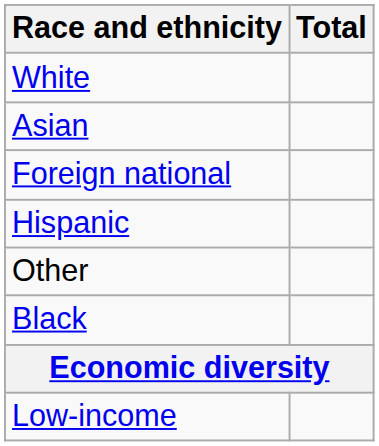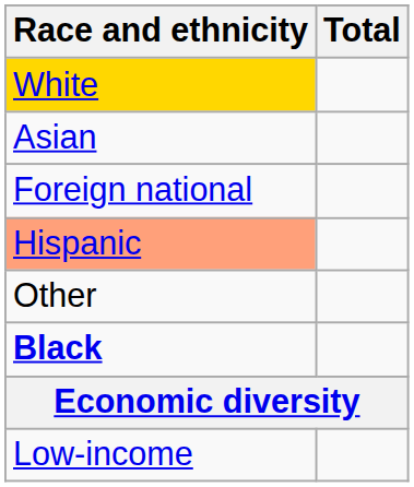 <table class="wikitable floatright sortable collapsible" ; text-align:right; font-size:80%;">
 <tr>
 <th>Race and ethnicity</th>
 <th colspan="2" data-sort-type="number">Total</th>
 </tr>
 <tr>
-<td><a href='#'>White</a></td>
+<td style="background: gold;"><a href='#'>White</a></td>
 <td align=right></td>
 </tr>
 <tr>
 <td><a href='#'>Asian</a></td>
 <td align=right></td>
 </tr>
 <tr>
 <td><a href='#'>Foreign national</a></td>
 <td align=right></td>
 </tr>
 <tr>
-<td><a href='#'>Hispanic</a></td>
+<td style="background: lightsalmon;"><a href='#'>Hispanic</a></td>
 <td align=right></td>
 </tr>
 <tr>
 <td>Other</td>
 <td align=right></td>
 </tr>
 <tr>
-<td><a href='#'>Black</a></td>
+<td><strong><a href='#'>Black</a></strong></td>
 <td align=right></td>
 </tr>
 <tr>
 <th colspan="4" data-sort-type="number"><a href='#'>Economic diversity</a></th>
 </tr>
 <tr>
 <td><a href='#'>Low-income</a></td>
 <td align=right></td>
 </tr>
 </table>
